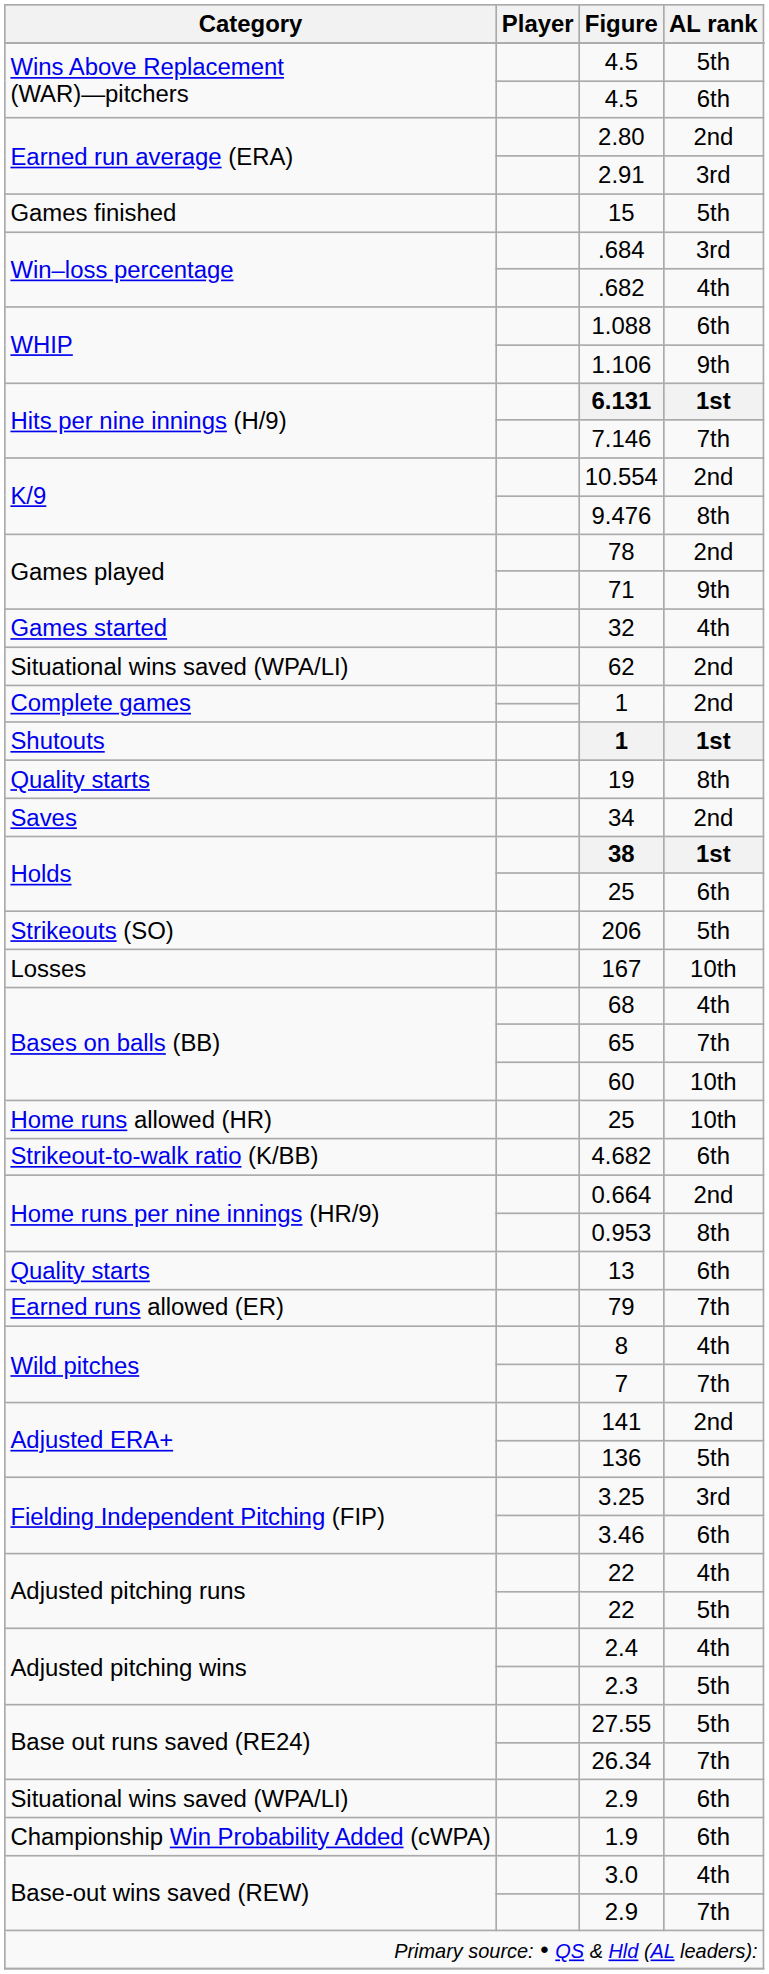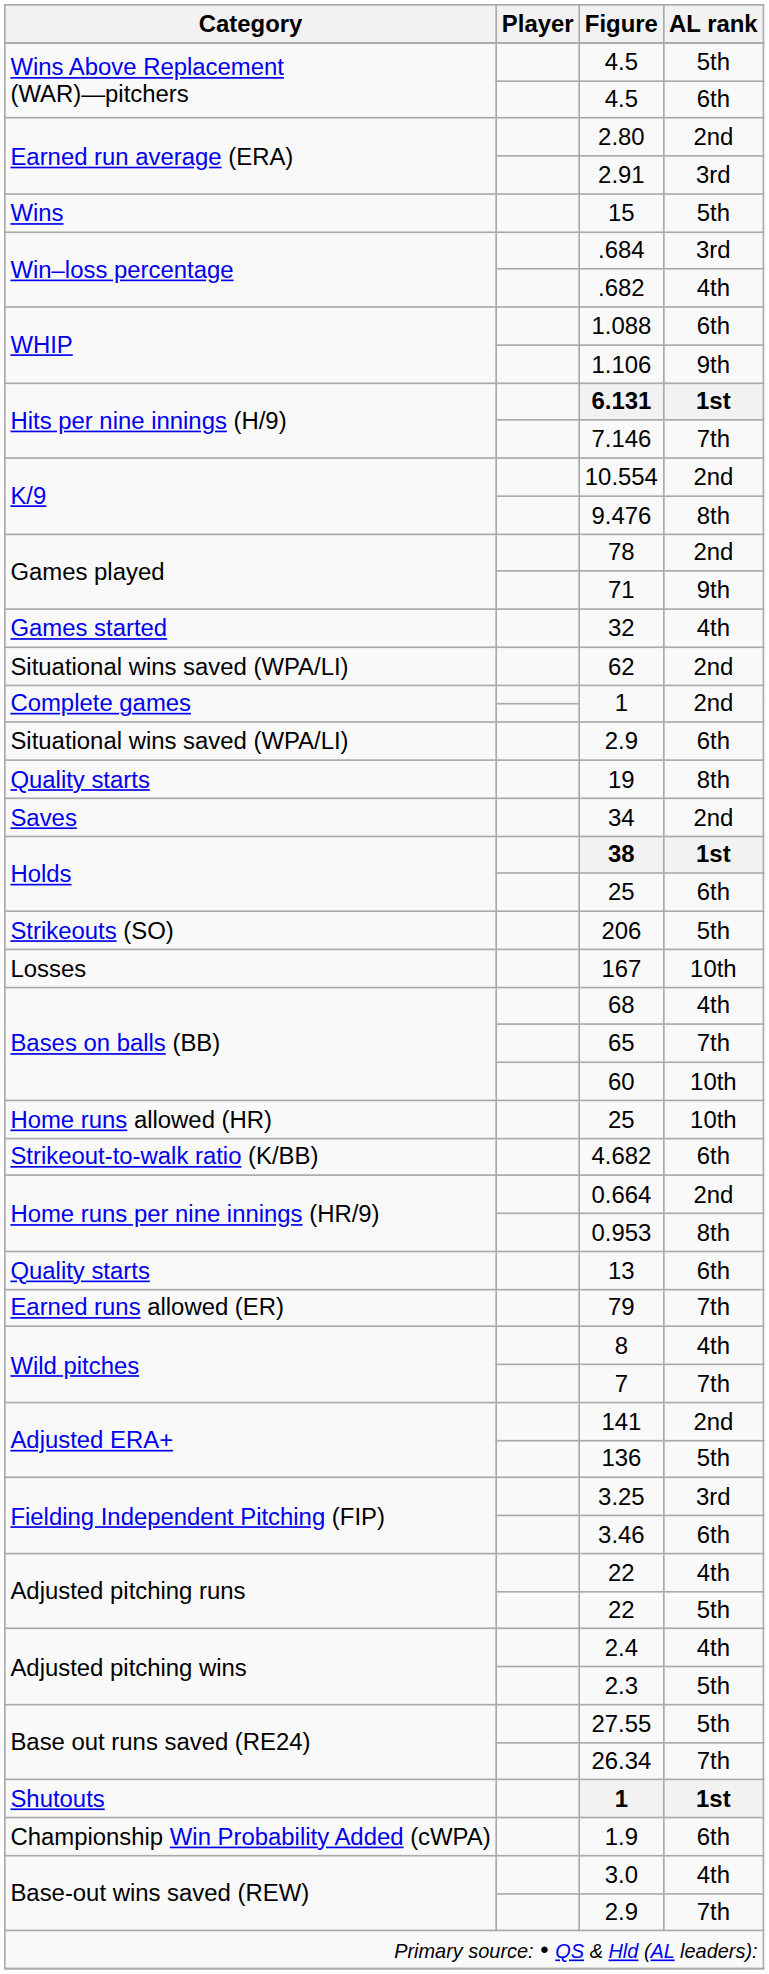 <table class="wikitable sortable" border="1" style="font-size: 90%">
 <tr>
 <th>Category</th>
 <th>Player</th>
 <th>Figure</th>
 <th>AL rank</th>
 </tr>
 <tr>
 </tr>
 <tr>
 <td rowspan="2"><a href='#'>Wins Above Replacement</a><br>(WAR)—pitchers</td>
 <td></td>
 <td align="center">4.5</td>
 <td align="center">5th</td>
 </tr>
 <tr>
 <td></td>
 <td align="center">4.5</td>
 <td align="center">6th</td>
 </tr>
 <tr>
 <td rowspan="2"><a href='#'>Earned run average</a> (ERA)</td>
 <td></td>
 <td align="center">2.80</td>
 <td align="center">2nd</td>
 </tr>
 <tr>
 <td></td>
 <td align="center">2.91</td>
 <td align="center">3rd</td>
 </tr>
 <tr>
-<td>Games finished</td>
+<td><a href='#'>Wins</a></td>
 <td></td>
 <td align="center">15</td>
 <td align="center">5th</td>
 </tr>
 <tr>
 <td rowspan="2"><a href='#'>Win–loss percentage</a></td>
 <td></td>
 <td align="center">.684</td>
 <td align="center">3rd</td>
 </tr>
 <tr>
 <td></td>
 <td align="center">.682</td>
 <td align="center">4th</td>
 </tr>
 <tr>
 <td rowspan="2"><a href='#'>WHIP</a></td>
 <td></td>
 <td align="center">1.088</td>
 <td align="center">6th</td>
 </tr>
 <tr>
 <td></td>
 <td align="center">1.106</td>
 <td align="center">9th</td>
 </tr>
 <tr>
 <td rowspan="2"><a href='#'>Hits per nine innings</a> (H/9)</td>
 <td></td>
 <th align="center">6.131</th>
 <th align="center">1st</th>
 </tr>
 <tr>
 <td></td>
 <td align="center">7.146</td>
 <td align="center">7th</td>
 </tr>
 <tr>
 <td rowspan="2"><a href='#'>K/9</a></td>
 <td></td>
 <td align="center">10.554</td>
 <td align="center">2nd</td>
 </tr>
 <tr>
 <td></td>
 <td align="center">9.476</td>
 <td align="center">8th</td>
 </tr>
 <tr>
 <td rowspan="2">Games played</td>
 <td></td>
 <td align="center">78</td>
 <td align="center">2nd</td>
 </tr>
 <tr>
 <td></td>
 <td align="center">71</td>
 <td align="center">9th</td>
 </tr>
 <tr>
 <td><a href='#'>Games started</a></td>
 <td></td>
 <td align="center">32</td>
 <td align="center">4th</td>
 </tr>
 <tr>
 <td>Situational wins saved (WPA/LI)</td>
 <td></td>
 <td align="center">62</td>
 <td align="center">2nd</td>
 </tr>
 <tr>
 <td rowspan="2"><a href='#'>Complete games</a></td>
 <td></td>
 <td rowspan="2" align="center">1</td>
 <td rowspan="2" align="center">2nd</td>
 </tr>
 <tr>
 <td></td>
 </tr>
 <tr>
-<td><a href='#'>Shutouts</a></td>
+<td>Situational wins saved (WPA/LI)</td>
 <td></td>
-<th align="center">1</th>
-<th align="center">1st</th>
+<td align="center">2.9</td>
+<td align="center">6th</td>
 </tr>
 <tr>
 <td><a href='#'>Quality starts</a></td>
 <td></td>
 <td align="center">19</td>
 <td align="center">8th</td>
 </tr>
 <tr>
 <td><a href='#'>Saves</a></td>
 <td></td>
 <td align="center">34</td>
 <td align="center">2nd</td>
 </tr>
 <tr>
 <td rowspan="2"><a href='#'>Holds</a></td>
 <td></td>
 <th align="center">38</th>
 <th align="center">1st</th>
 </tr>
 <tr>
 <td></td>
 <td align="center">25</td>
 <td align="center">6th</td>
 </tr>
 <tr>
 <td><a href='#'>Strikeouts</a> (SO)</td>
 <td></td>
 <td align="center">206</td>
 <td align="center">5th</td>
 </tr>
 <tr>
 <td>Losses</td>
 <td></td>
 <td align="center">167</td>
 <td align="center">10th</td>
 </tr>
 <tr>
 <td rowspan="3"><a href='#'>Bases on balls</a> (BB)</td>
 <td></td>
 <td align="center">68</td>
 <td align="center">4th</td>
 </tr>
 <tr>
 <td></td>
 <td align="center">65</td>
 <td align="center">7th</td>
 </tr>
 <tr>
 <td></td>
 <td align="center">60</td>
 <td align="center">10th</td>
 </tr>
 <tr>
 <td><a href='#'>Home runs</a> allowed (HR)</td>
 <td></td>
 <td align="center">25</td>
 <td align="center">10th</td>
 </tr>
 <tr>
 <td><a href='#'>Strikeout-to-walk ratio</a> (K/BB)</td>
 <td></td>
 <td align="center">4.682</td>
 <td align="center">6th</td>
 </tr>
 <tr>
 <td rowspan="2"><a href='#'>Home runs per nine innings</a> (HR/9)</td>
 <td></td>
 <td align="center">0.664</td>
 <td align="center">2nd</td>
 </tr>
 <tr>
 <td></td>
 <td align="center">0.953</td>
 <td align="center">8th</td>
 </tr>
 <tr>
 <td><a href='#'>Quality starts</a></td>
 <td></td>
 <td align="center">13</td>
 <td align="center">6th</td>
 </tr>
 <tr>
 <td><a href='#'>Earned runs</a> allowed (ER)</td>
 <td></td>
 <td align="center">79</td>
 <td align="center">7th</td>
 </tr>
 <tr>
 <td rowspan="2"><a href='#'>Wild pitches</a></td>
 <td></td>
 <td align="center">8</td>
 <td align="center">4th</td>
 </tr>
 <tr>
 <td></td>
 <td align="center">7</td>
 <td align="center">7th</td>
 </tr>
 <tr>
 <td rowspan="2"><a href='#'>Adjusted ERA+</a></td>
 <td></td>
 <td align="center">141</td>
 <td align="center">2nd</td>
 </tr>
 <tr>
 <td></td>
 <td align="center">136</td>
 <td align="center">5th</td>
 </tr>
 <tr>
 <td rowspan="2"><a href='#'>Fielding Independent Pitching</a> (FIP)</td>
 <td></td>
 <td align="center">3.25</td>
 <td align="center">3rd</td>
 </tr>
 <tr>
 <td></td>
 <td align="center">3.46</td>
 <td align="center">6th</td>
 </tr>
 <tr>
 <td rowspan="2">Adjusted pitching runs</td>
 <td></td>
 <td align="center">22</td>
 <td align="center">4th</td>
 </tr>
 <tr>
 <td></td>
 <td align="center">22</td>
 <td align="center">5th</td>
 </tr>
 <tr>
 <td rowspan="2">Adjusted pitching wins</td>
 <td></td>
 <td align="center">2.4</td>
 <td align="center">4th</td>
 </tr>
 <tr>
 <td></td>
 <td align="center">2.3</td>
 <td align="center">5th</td>
 </tr>
 <tr>
 <td rowspan="2">Base out runs saved (RE24)</td>
 <td></td>
 <td align="center">27.55</td>
 <td align="center">5th</td>
 </tr>
 <tr>
 <td></td>
 <td align="center">26.34</td>
 <td align="center">7th</td>
 </tr>
 <tr>
-<td>Situational wins saved (WPA/LI)</td>
+<td><a href='#'>Shutouts</a></td>
 <td></td>
-<td align="center">2.9</td>
-<td align="center">6th</td>
+<th align="center">1</th>
+<th align="center">1st</th>
 </tr>
 <tr>
 <td>Championship <a href='#'>Win Probability Added</a> (cWPA)</td>
 <td></td>
 <td align="center">1.9</td>
 <td align="center">6th</td>
 </tr>
 <tr>
 <td rowspan="2">Base-out wins saved (REW)</td>
 <td></td>
 <td align="center">3.0</td>
 <td align="center">4th</td>
 </tr>
 <tr>
 <td></td>
 <td align="center">2.9</td>
 <td align="center">7th</td>
 </tr>
 <tr class="sortbottom">
 <td colspan="4;" align="right"><small><em>Primary source:</em></small> • <small><em><a href='#'>QS</a> & <a href='#'>Hld</a> (<a href='#'>AL</a> leaders):</em></small></td>
 </tr>
 <tr>
 </tr>
 </table>
